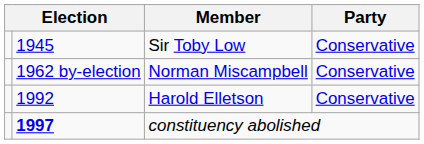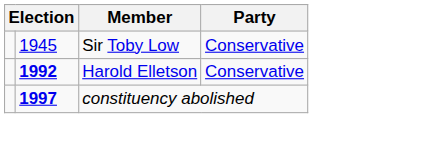 <table class="wikitable">
 <tr>
 <th colspan="2">Election</th>
 <th>Member</th>
 <th>Party</th>
 </tr>
 <tr>
 <td style="color:inherit;background-color: "></td>
 <td><a href='#'>1945</a></td>
 <td>Sir <a href='#'>Toby Low</a></td>
 <td><a href='#'>Conservative</a></td>
 </tr>
 <tr>
 <td style="color:inherit;background-color: "></td>
-<td><a href='#'>1962 by-election</a></td>
-<td><a href='#'>Norman Miscampbell</a></td>
-<td><a href='#'>Conservative</a></td>
-</tr>
-<tr>
-<td style="color:inherit;background-color: "></td>
-<td><a href='#'>1992</a></td>
+<td><strong><a href='#'>1992</a></strong></td>
 <td><a href='#'>Harold Elletson</a></td>
 <td><a href='#'>Conservative</a></td>
 </tr>
 <tr>
 <td></td>
 <td><strong><a href='#'>1997</a></strong></td>
 <td colspan="2"><em>constituency abolished</em></td>
 </tr>
 </table>
